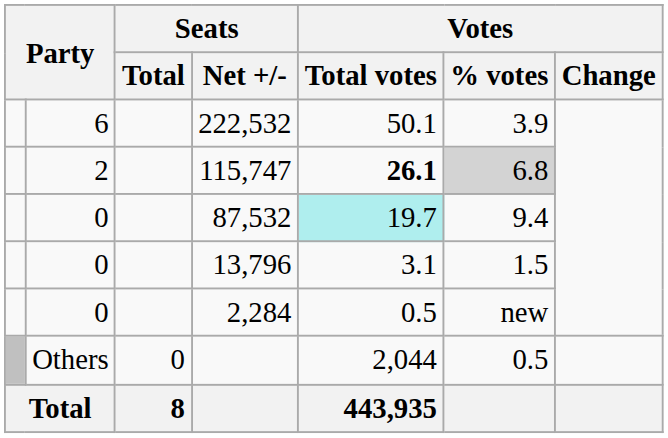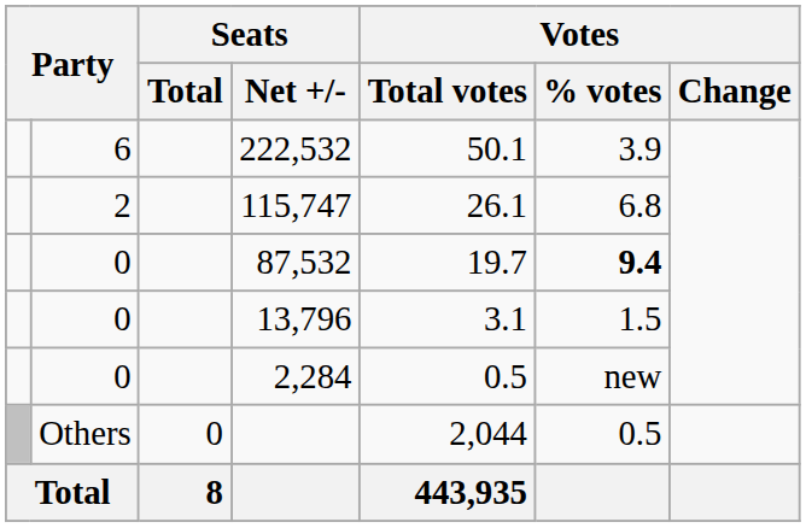 <table class="wikitable" style="text-align:right; font-size:95%;">
 <tr>
 <th colspan="2" rowspan="2">Party</th>
 <th colspan="2">Seats</th>
 <th colspan="3">Votes</th>
 </tr>
 <tr>
 <th>Total</th>
 <th>Net +/-</th>
 <th>Total votes</th>
 <th>% votes</th>
 <th>Change</th>
 </tr>
 <tr>
 <td></td>
 <td>6</td>
 <td></td>
 <td>222,532</td>
 <td>50.1</td>
 <td>3.9</td>
 </tr>
 <tr>
 <td></td>
 <td>2</td>
 <td></td>
 <td>115,747</td>
-<td><strong>26.1</strong></td>
-<td style="background: lightgrey;">6.8</td>
+<td>26.1</td>
+<td>6.8</td>
 </tr>
 <tr>
 <td></td>
 <td>0</td>
 <td></td>
 <td>87,532</td>
-<td style="background: paleturquoise;">19.7</td>
-<td>9.4</td>
+<td>19.7</td>
+<td><strong>9.4</strong></td>
 </tr>
 <tr>
 <td></td>
 <td>0</td>
 <td></td>
 <td>13,796</td>
 <td>3.1</td>
 <td>1.5</td>
 </tr>
 <tr>
 <td></td>
 <td>0</td>
 <td></td>
 <td>2,284</td>
 <td>0.5</td>
 <td>new</td>
 </tr>
 <tr>
 <td style="background:silver;"> </td>
 <td align=left>Others</td>
 <td>0</td>
 <td></td>
 <td>2,044</td>
 <td>0.5</td>
 <td></td>
 </tr>
 <tr>
 <th colspan="2" style="background:#f2f2f2">Total</th>
 <td style="background:#f2f2f2;"><strong>8</strong></td>
 <td style="background:#f2f2f2;"></td>
 <td style="background:#f2f2f2;"><strong>443,935</strong></td>
 <td style="background:#f2f2f2;"></td>
 <td style="background:#f2f2f2;"></td>
 </tr>
 </table>
